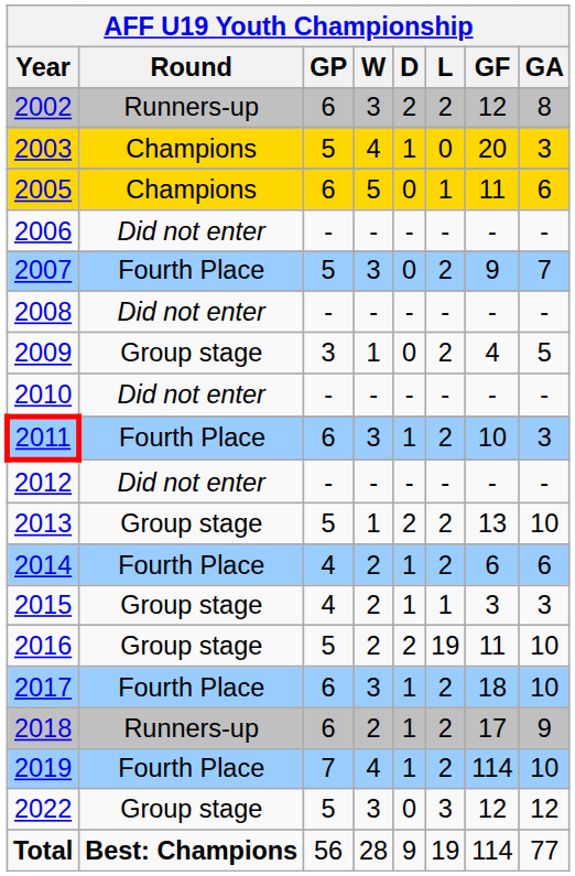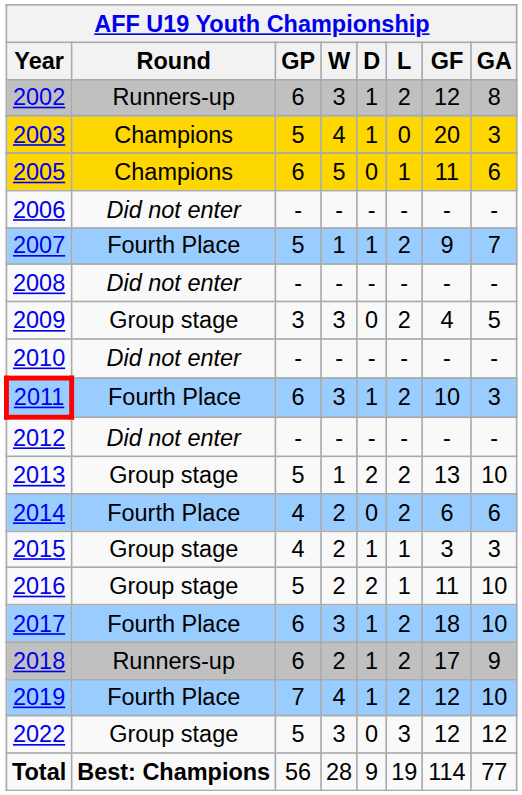 <table class="wikitable" style="text-align: center;font-size:90%;">
 <tr>
 <th colspan=8><a href='#'>AFF U19 Youth Championship</a></th>
 </tr>
 <tr>
 <th>Year</th>
 <th>Round</th>
 <th>GP</th>
 <th>W</th>
 <th>D</th>
 <th>L</th>
 <th>GF</th>
 <th>GA</th>
 </tr>
 <tr style="background:Silver;">
 <td> <a href='#'>2002</a></td>
 <td>Runners-up</td>
 <td>6</td>
 <td>3</td>
-<td>2</td>
+<td>1</td>
 <td>2</td>
 <td>12</td>
 <td>8</td>
 </tr>
 <tr>
 </tr>
 <tr style="background:Gold;">
 <td>  <a href='#'>2003</a></td>
 <td>Champions</td>
 <td>5</td>
 <td>4</td>
 <td>1</td>
 <td>0</td>
 <td>20</td>
 <td>3</td>
 </tr>
 <tr>
 </tr>
 <tr style="background:Gold;">
 <td>  <a href='#'>2005</a></td>
 <td>Champions</td>
 <td>6</td>
 <td>5</td>
 <td>0</td>
 <td>1</td>
 <td>11</td>
 <td>6</td>
 </tr>
 <tr>
 <td> <a href='#'>2006</a></td>
 <td><em>Did not enter</em></td>
 <td>-</td>
 <td>-</td>
 <td>-</td>
 <td>-</td>
 <td>-</td>
 <td>-</td>
 </tr>
 <tr style="background-color:#9acdff;">
 <td> <a href='#'>2007</a></td>
 <td>Fourth Place</td>
 <td>5</td>
-<td>3</td>
-<td>0</td>
+<td>1</td>
+<td>1</td>
 <td>2</td>
 <td>9</td>
 <td>7</td>
 </tr>
 <tr>
 <td> <a href='#'>2008</a></td>
 <td><em>Did not enter</em></td>
 <td>-</td>
 <td>-</td>
 <td>-</td>
 <td>-</td>
 <td>-</td>
 <td>-</td>
 </tr>
 <tr>
 <td> <a href='#'>2009</a></td>
 <td>Group stage</td>
 <td>3</td>
-<td>1</td>
+<td>3</td>
 <td>0</td>
 <td>2</td>
 <td>4</td>
 <td>5</td>
 </tr>
 <tr>
 <td> <a href='#'>2010</a></td>
 <td><em>Did not enter</em></td>
 <td>-</td>
 <td>-</td>
 <td>-</td>
 <td>-</td>
 <td>-</td>
 <td>-</td>
 </tr>
 <tr style="background-color:#9acdff;">
 <td style="border: 3px solid red"> <a href='#'>2011</a></td>
 <td>Fourth Place</td>
 <td>6</td>
 <td>3</td>
 <td>1</td>
 <td>2</td>
 <td>10</td>
 <td>3</td>
 </tr>
 <tr>
 <td style=> <a href='#'>2012</a></td>
 <td><em>Did not enter</em></td>
 <td>-</td>
 <td>-</td>
 <td>-</td>
 <td>-</td>
 <td>-</td>
 <td>-</td>
 </tr>
 <tr>
 <td style=> <a href='#'>2013</a></td>
 <td>Group stage</td>
 <td>5</td>
 <td>1</td>
 <td>2</td>
 <td>2</td>
 <td>13</td>
 <td>10</td>
 </tr>
 <tr style="background-color:#9acdff;">
 <td style=> <a href='#'>2014</a></td>
 <td>Fourth Place</td>
 <td>4</td>
 <td>2</td>
-<td>1</td>
+<td>0</td>
 <td>2</td>
 <td>6</td>
 <td>6</td>
 </tr>
 <tr>
 <td style=> <a href='#'>2015</a></td>
 <td>Group stage</td>
 <td>4</td>
 <td>2</td>
 <td>1</td>
 <td>1</td>
 <td>3</td>
 <td>3</td>
 </tr>
 <tr>
 <td style=> <a href='#'>2016</a></td>
 <td>Group stage</td>
 <td>5</td>
 <td>2</td>
 <td>2</td>
-<td>19</td>
+<td>1</td>
 <td>11</td>
 <td>10</td>
 </tr>
 <tr style="background-color:#9acdff;">
 <td style=> <a href='#'>2017</a></td>
 <td>Fourth Place</td>
 <td>6</td>
 <td>3</td>
 <td>1</td>
 <td>2</td>
 <td>18</td>
 <td>10</td>
 </tr>
 <tr style="background:Silver;">
 <td style=> <a href='#'>2018</a></td>
 <td>Runners-up</td>
 <td>6</td>
 <td>2</td>
 <td>1</td>
 <td>2</td>
 <td>17</td>
 <td>9</td>
 </tr>
 <tr style="background-color:#9acdff">
 <td style=> <a href='#'>2019</a></td>
 <td>Fourth Place</td>
 <td>7</td>
 <td>4</td>
 <td>1</td>
 <td>2</td>
-<td>114</td>
+<td>12</td>
 <td>10</td>
 </tr>
 <tr>
 <td style=> <a href='#'>2022</a></td>
 <td>Group stage</td>
 <td>5</td>
 <td>3</td>
 <td>0</td>
 <td>3</td>
 <td>12</td>
 <td>12</td>
 </tr>
 <tr>
 <td><strong>Total</strong></td>
 <td><strong>Best: Champions</strong></td>
 <td>56</td>
 <td>28</td>
 <td>9</td>
 <td>19</td>
 <td>114</td>
 <td>77</td>
 </tr>
 </table>
